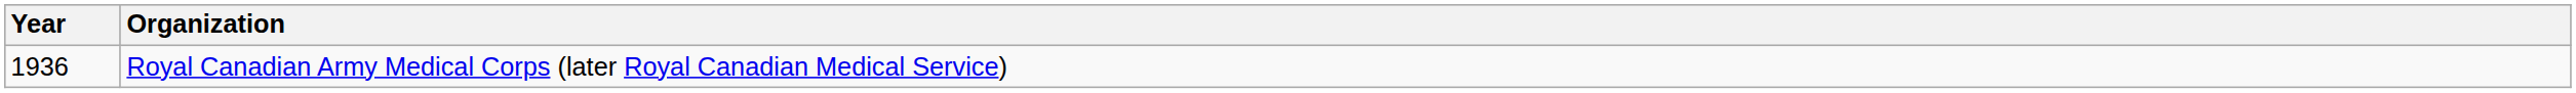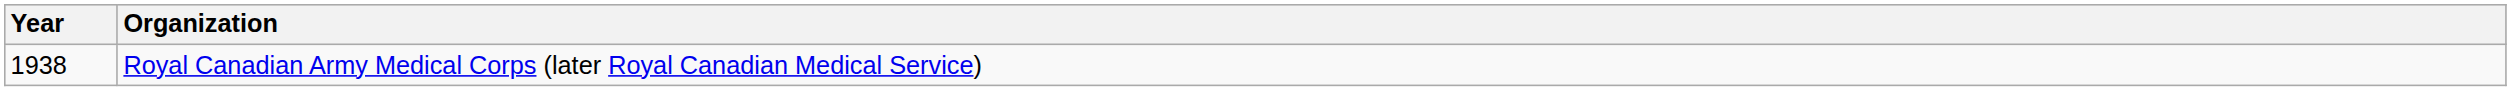 <table class="wikitable" style="width:100%">
 <tr>
 <th style="width:4em;text-align:left">Year</th>
 <th style="text-align:left">Organization</th>
 </tr>
 <tr>
-<td>1936</td>
+<td>1938</td>
 <td><a href='#'>Royal Canadian Army Medical Corps</a> (later <a href='#'>Royal Canadian Medical Service</a>)</td>
 </tr>
 </table>
